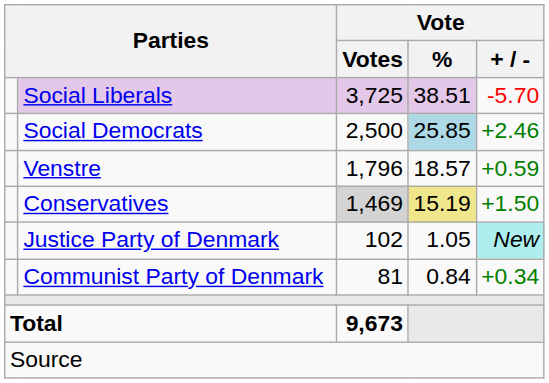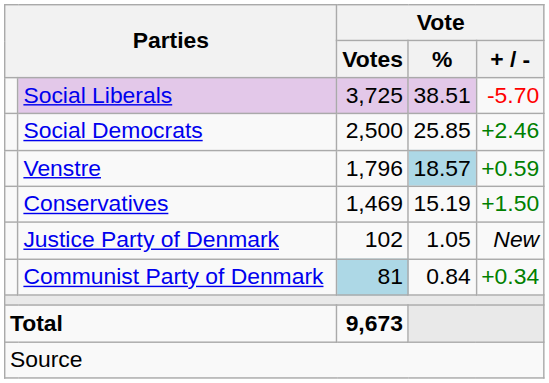 <table class="wikitable" style="text-align:right;">
 <tr>
 <th style="text-align:centre;" rowspan="2" colspan="2" width="225">Parties</th>
 <th colspan="3">Vote</th>
 </tr>
 <tr>
 <th width="15">Votes</th>
 <th width="15">%</th>
 <th width="15">+ / -</th>
 </tr>
 <tr>
 <td width="2" style="color:inherit;background:"></td>
 <td bgcolor=#e3c8e9  align="left"><a href='#'>Social Liberals</a></td>
 <td bgcolor=#e3c8e9>3,725</td>
 <td bgcolor=#e3c8e9>38.51</td>
 <td style=color:red;>-5.70</td>
 </tr>
 <tr>
 <td width="2" style="color:inherit;background:"></td>
 <td align="left"><a href='#'>Social Democrats</a></td>
 <td>2,500</td>
-<td style="background: lightblue;">25.85</td>
+<td>25.85</td>
 <td style=color:green;>+2.46</td>
 </tr>
 <tr>
 <td width="2" style="color:inherit;background:"></td>
 <td align="left"><a href='#'>Venstre</a></td>
 <td>1,796</td>
-<td>18.57</td>
+<td style="background: lightblue;">18.57</td>
 <td style=color:green;>+0.59</td>
 </tr>
 <tr>
 <td width="2" style="color:inherit;background:"></td>
 <td align="left"><a href='#'>Conservatives</a></td>
-<td style="background: lightgrey;">1,469</td>
-<td style="background: khaki;">15.19</td>
+<td>1,469</td>
+<td>15.19</td>
 <td style=color:green;>+1.50</td>
 </tr>
 <tr>
 <td width="2" style="color:inherit;background:"></td>
 <td align="left"><a href='#'>Justice Party of Denmark</a></td>
 <td>102</td>
 <td>1.05</td>
-<td style="background: paleturquoise;"><em>New</em></td>
+<td><em>New</em></td>
 </tr>
 <tr>
 <td width="2" style="color:inherit;background:"></td>
 <td align="left"><a href='#'>Communist Party of Denmark</a></td>
-<td>81</td>
+<td style="background: lightblue;">81</td>
 <td>0.84</td>
 <td style=color:green;>+0.34</td>
 </tr>
 <tr>
 <td colspan="7" bgcolor="#E9E9E9"></td>
 </tr>
 <tr>
 <td align="left" colspan="2"><strong>Total</strong></td>
 <td><strong>9,673</strong></td>
 <td bgcolor="#E9E9E9" colspan="2"></td>
 </tr>
 <tr>
 <td align="left" colspan="6">Source</td>
 </tr>
 </table>
